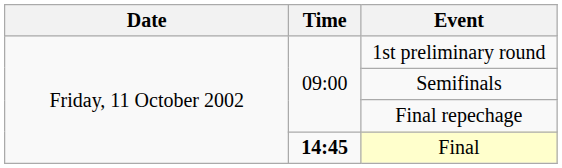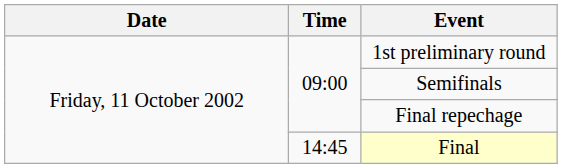 <table class = "wikitable" style="text-align:center;">
 <tr>
 <th width=220>Date</th>
 <th width=50>Time</th>
 <th width=150>Event</th>
 </tr>
 <tr>
 <td rowspan=4>Friday, 11 October 2002</td>
 <td rowspan=3>09:00</td>
 <td>1st preliminary round</td>
 </tr>
 <tr>
 <td>Semifinals</td>
 </tr>
 <tr>
 <td>Final repechage</td>
 </tr>
 <tr>
-<td><strong>14:45</strong></td>
+<td>14:45</td>
 <td bgcolor=ffffcc>Final</td>
 </tr>
 </table>
